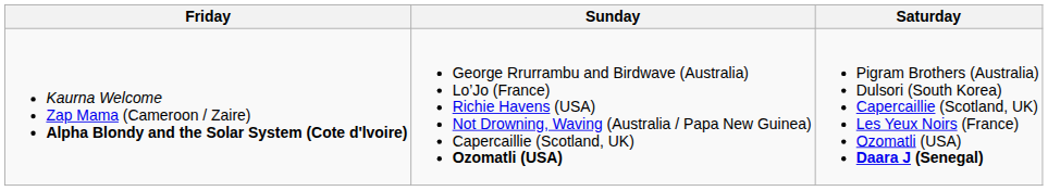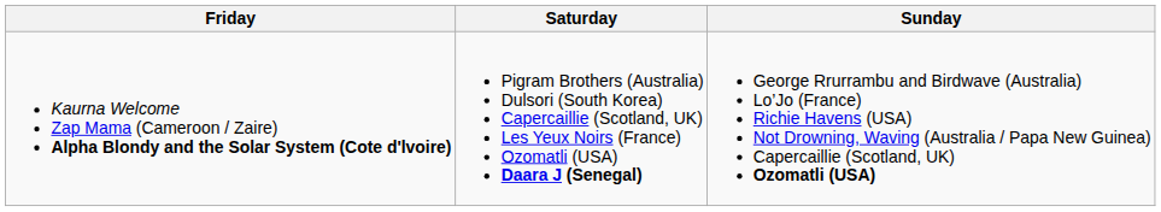 <table class="wikitable">
 <tr>
 <th>Friday</th>
+<th>Saturday</th>
 <th>Sunday</th>
-<th>Saturday</th>
 </tr>
 <tr>
 <td><br><ul><li><em>Kaurna Welcome</em></li><li><a href='#'>Zap Mama</a> (Cameroon / Zaire)</li><li><strong>Alpha Blondy and the Solar System (Cote d'lvoire)</strong></li></ul></td>
+<td><br><ul><li>Pigram Brothers (Australia)</li><li>Dulsori (South Korea)</li><li><a href='#'>Capercaillie</a> (Scotland, UK)</li><li><a href='#'>Les Yeux Noirs</a> (France)</li><li><a href='#'>Ozomatli</a> (USA)</li><li><strong><a href='#'>Daara J</a> (Senegal)</strong></li></ul></td>
 <td><br><ul><li>George Rrurrambu and Birdwave (Australia)</li><li>Lo’Jo (France)</li><li><a href='#'>Richie Havens</a> (USA)</li><li><a href='#'>Not Drowning, Waving</a> (Australia / Papa New Guinea)</li><li>Capercaillie (Scotland, UK)</li><li><strong>Ozomatli (USA)</strong></li></ul></td>
-<td><br><ul><li>Pigram Brothers (Australia)</li><li>Dulsori (South Korea)</li><li><a href='#'>Capercaillie</a> (Scotland, UK)</li><li><a href='#'>Les Yeux Noirs</a> (France)</li><li><a href='#'>Ozomatli</a> (USA)</li><li><strong><a href='#'>Daara J</a> (Senegal)</strong></li></ul></td>
 </tr>
 </table>
